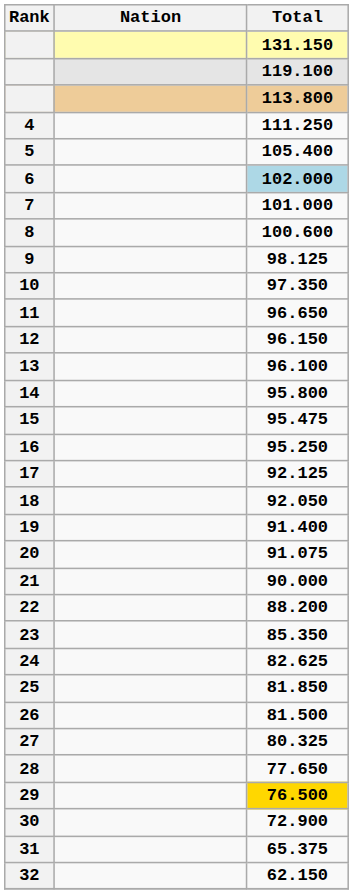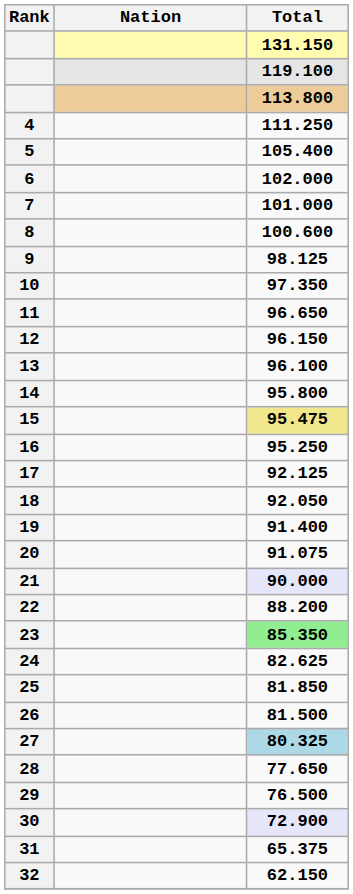 <table class="wikitable sortable" style="text-align:center; font-size:85%">
 <tr>
 <th scope="col" style="width:20px;">Rank</th>
 <th ! scope="col" style="width:120px;">Nation</th>
 <th ! scope="col" style="width:60px;">Total</th>
 </tr>
 <tr bgcolor=fffcaf>
 <th scope=row></th>
 <td align=left></td>
 <td><strong>131.150</strong></td>
 </tr>
 <tr bgcolor=e5e5e5>
 <th scope=row></th>
 <td align=left></td>
 <td><strong>119.100</strong></td>
 </tr>
 <tr bgcolor=eecc99>
 <th scope=row></th>
 <td align=left></td>
 <td><strong>113.800</strong></td>
 </tr>
 <tr>
 <th>4</th>
 <td align=left></td>
 <td><strong>111.250</strong></td>
 </tr>
 <tr>
 <th>5</th>
 <td align=left></td>
 <td><strong>105.400</strong></td>
 </tr>
 <tr>
 <th>6</th>
 <td align=left></td>
-<td style="background: lightblue;"><strong>102.000</strong></td>
+<td><strong>102.000</strong></td>
 </tr>
 <tr>
 <th>7</th>
 <td align=left></td>
 <td><strong>101.000</strong></td>
 </tr>
 <tr>
 <th>8</th>
 <td align=left></td>
 <td><strong>100.600</strong></td>
 </tr>
 <tr>
 <th>9</th>
 <td align=left></td>
 <td><strong>98.125</strong></td>
 </tr>
 <tr>
 <th>10</th>
 <td align=left></td>
 <td><strong>97.350</strong></td>
 </tr>
 <tr>
 <th>11</th>
 <td align=left></td>
 <td><strong>96.650</strong></td>
 </tr>
 <tr>
 <th>12</th>
 <td align=left></td>
 <td><strong>96.150</strong></td>
 </tr>
 <tr>
 <th>13</th>
 <td align=left></td>
 <td><strong>96.100</strong></td>
 </tr>
 <tr>
 <th>14</th>
 <td align=left></td>
 <td><strong>95.800</strong></td>
 </tr>
 <tr>
 <th>15</th>
 <td align=left></td>
-<td><strong>95.475</strong></td>
+<td style="background: khaki;"><strong>95.475</strong></td>
 </tr>
 <tr>
 <th>16</th>
 <td align=left></td>
 <td><strong>95.250</strong></td>
 </tr>
 <tr>
 <th>17</th>
 <td align=left></td>
 <td><strong>92.125</strong></td>
 </tr>
 <tr>
 <th>18</th>
 <td align=left></td>
 <td><strong>92.050</strong></td>
 </tr>
 <tr>
 <th>19</th>
 <td align=left></td>
 <td><strong>91.400</strong></td>
 </tr>
 <tr>
 <th>20</th>
 <td align=left></td>
 <td><strong>91.075</strong></td>
 </tr>
 <tr>
 <th>21</th>
 <td align=left></td>
-<td><strong>90.000</strong></td>
+<td style="background: lavender;"><strong>90.000</strong></td>
 </tr>
 <tr>
 <th>22</th>
 <td align=left></td>
 <td><strong>88.200</strong></td>
 </tr>
 <tr>
 <th>23</th>
 <td align=left></td>
-<td><strong>85.350</strong></td>
+<td style="background: lightgreen;"><strong>85.350</strong></td>
 </tr>
 <tr>
 <th>24</th>
 <td align=left></td>
 <td><strong>82.625</strong></td>
 </tr>
 <tr>
 <th>25</th>
 <td align=left></td>
 <td><strong>81.850</strong></td>
 </tr>
 <tr>
 <th>26</th>
 <td align=left></td>
 <td><strong>81.500</strong></td>
 </tr>
 <tr>
 <th>27</th>
 <td align=left></td>
-<td><strong>80.325</strong></td>
+<td style="background: lightblue;"><strong>80.325</strong></td>
 </tr>
 <tr>
 <th>28</th>
 <td align=left></td>
 <td><strong>77.650</strong></td>
 </tr>
 <tr>
 <th>29</th>
 <td align=left></td>
-<td style="background: gold;"><strong>76.500</strong></td>
+<td><strong>76.500</strong></td>
 </tr>
 <tr>
 <th>30</th>
 <td align=left></td>
-<td><strong>72.900</strong></td>
+<td style="background: lavender;"><strong>72.900</strong></td>
 </tr>
 <tr>
 <th>31</th>
 <td align=left></td>
 <td><strong>65.375</strong></td>
 </tr>
 <tr>
 <th>32</th>
 <td align=left></td>
 <td><strong>62.150</strong></td>
 </tr>
 <tr>
 </tr>
 </table>
